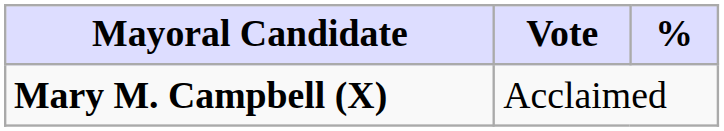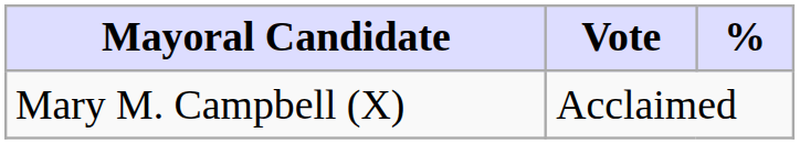 <table class="wikitable">
 <tr>
 <th style="background:#ddf; width:200px;">Mayoral Candidate </th>
 <th style="background:#ddf; width:50px;">Vote</th>
 <th style="background:#ddf; width:30px;">%</th>
 </tr>
 <tr>
-<td><strong>Mary M. Campbell (X)</strong></td>
+<td>Mary M. Campbell (X)</td>
 <td colspan="2">Acclaimed</td>
 </tr>
 </table>
